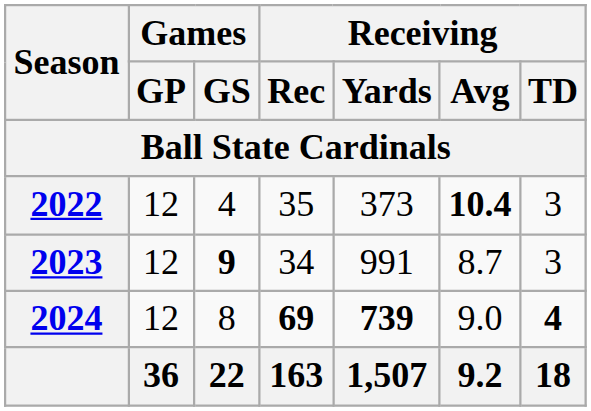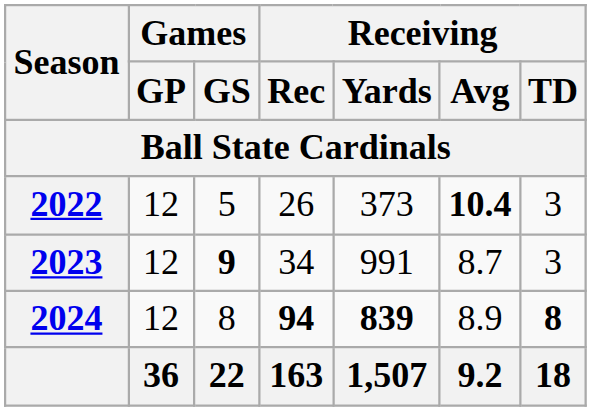 <table class="wikitable" style="text-align:center;">
 <tr>
 <th rowspan="2">Season</th>
 <th colspan="2">Games</th>
 <th colspan="4">Receiving</th>
 </tr>
 <tr>
 <th>GP</th>
 <th>GS</th>
 <th>Rec</th>
 <th>Yards</th>
 <th>Avg</th>
 <th>TD</th>
 </tr>
 <tr>
 <th colspan="8">Ball State Cardinals</th>
 </tr>
 <tr>
 <th><a href='#'>2022</a></th>
 <td>12</td>
-<td>4</td>
-<td>35</td>
+<td>5</td>
+<td>26</td>
 <td>373</td>
 <td><strong>10.4</strong></td>
 <td>3</td>
 </tr>
 <tr>
 <th><a href='#'>2023</a></th>
 <td>12</td>
 <td><strong>9</strong></td>
 <td>34</td>
 <td>991</td>
 <td>8.7</td>
 <td>3</td>
 </tr>
 <tr>
 <th><a href='#'>2024</a></th>
 <td>12</td>
 <td>8</td>
-<td><strong>69</strong></td>
-<td><strong>739</strong></td>
-<td>9.0</td>
-<td><strong>4</strong></td>
+<td><strong>94</strong></td>
+<td><strong>839</strong></td>
+<td>8.9</td>
+<td><strong>8</strong></td>
 </tr>
 <tr>
 <th></th>
 <th>36</th>
 <th>22</th>
 <th>163</th>
 <th>1,507</th>
 <th>9.2</th>
 <th>18</th>
 </tr>
 </table>
